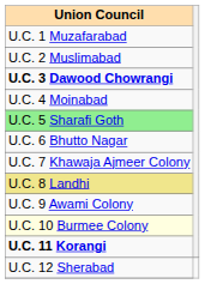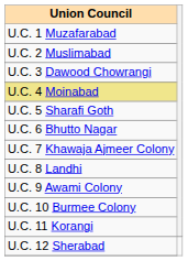 <table class="sortable wikitable" align="left">
 <tr>
 <th style="background:#ffdead;"><strong>Union Council</strong></th>
 <th rowspan=12 style="border-bottom:1px solid grey;" valign="top" class="unsortable"></th>
 </tr>
 <tr>
 <td style="border-bottom:1px solid grey;">U.C. 1 <a href='#'>Muzafarabad</a></td>
 </tr>
 <tr>
 <td style="border-bottom:1px solid grey;">U.C. 2 <a href='#'>Muslimabad</a></td>
 </tr>
 <tr>
-<td style="border-bottom:1px solid grey;"><strong>U.C. 3 <a href='#'>Dawood Chowrangi</a></strong></td>
+<td style="border-bottom:1px solid grey;">U.C. 3 <a href='#'>Dawood Chowrangi</a></td>
 </tr>
 <tr>
-<td style="border-bottom:1px solid grey;">U.C. 4 <a href='#'>Moinabad</a></td>
+<td style="background: khaki; border-bottom:1px solid grey;">U.C. 4 <a href='#'>Moinabad</a></td>
 </tr>
 <tr>
-<td style="background: lightgreen; border-bottom:1px solid grey;">U.C. 5 <a href='#'>Sharafi Goth</a></td>
+<td style="border-bottom:1px solid grey;">U.C. 5 <a href='#'>Sharafi Goth</a></td>
 </tr>
 <tr>
 <td style="border-bottom:1px solid grey;">U.C. 6 <a href='#'>Bhutto Nagar</a></td>
 </tr>
 <tr>
 <td style="border-bottom:1px solid grey;">U.C. 7 <a href='#'>Khawaja Ajmeer Colony</a></td>
 </tr>
 <tr>
-<td style="background: khaki; border-bottom:1px solid grey;">U.C. 8 <a href='#'>Landhi</a></td>
+<td style="border-bottom:1px solid grey;">U.C. 8 <a href='#'>Landhi</a></td>
 </tr>
 <tr>
 <td style="border-bottom:1px solid grey;">U.C. 9 <a href='#'>Awami Colony</a></td>
 </tr>
 <tr>
-<td style="background: lightyellow; border-bottom:1px solid grey;">U.C. 10 <a href='#'>Burmee Colony</a></td>
+<td style="border-bottom:1px solid grey;">U.C. 10 <a href='#'>Burmee Colony</a></td>
 </tr>
 <tr>
-<td style="border-bottom:1px solid grey;"><strong>U.C. 11 <a href='#'>Korangi</a></strong></td>
+<td style="border-bottom:1px solid grey;">U.C. 11 <a href='#'>Korangi</a></td>
 </tr>
 <tr>
 <td style="border-bottom:1px solid grey;">U.C. 12 <a href='#'>Sherabad</a></td>
 </tr>
 <tr>
 </tr>
 </table>
